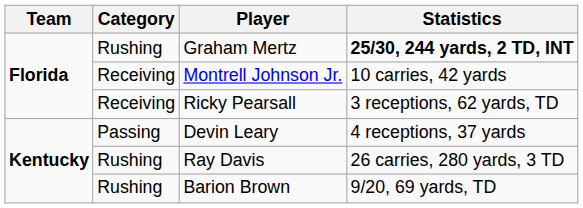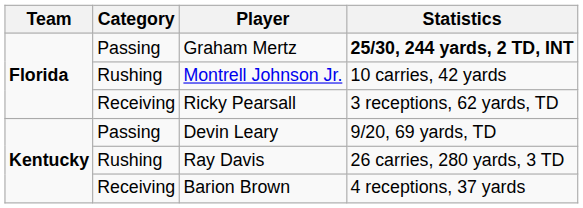 <table class="wikitable" style="float: right;">
 <tr>
 <th>Team</th>
 <th>Category</th>
 <th>Player</th>
 <th>Statistics</th>
 </tr>
 <tr>
 <td rowspan=3><strong>Florida</strong></td>
-<td>Rushing</td>
+<td>Passing</td>
 <td>Graham Mertz</td>
 <td><strong>25/30, 244 yards, 2 TD, INT</strong></td>
 </tr>
 <tr>
-<td>Receiving</td>
+<td>Rushing</td>
 <td><a href='#'>Montrell Johnson Jr.</a></td>
 <td>10 carries, 42 yards</td>
 </tr>
 <tr>
 <td>Receiving</td>
 <td>Ricky Pearsall</td>
 <td>3 receptions, 62 yards, TD</td>
 </tr>
 <tr>
 <td rowspan=3><strong>Kentucky</strong></td>
 <td>Passing</td>
 <td>Devin Leary</td>
-<td>4 receptions, 37 yards</td>
+<td>9/20, 69 yards, TD</td>
 </tr>
 <tr>
 <td>Rushing</td>
 <td>Ray Davis</td>
 <td>26 carries, 280 yards, 3 TD</td>
 </tr>
 <tr>
-<td>Rushing</td>
+<td>Receiving</td>
 <td>Barion Brown</td>
-<td>9/20, 69 yards, TD</td>
+<td>4 receptions, 37 yards</td>
 </tr>
 </table>
